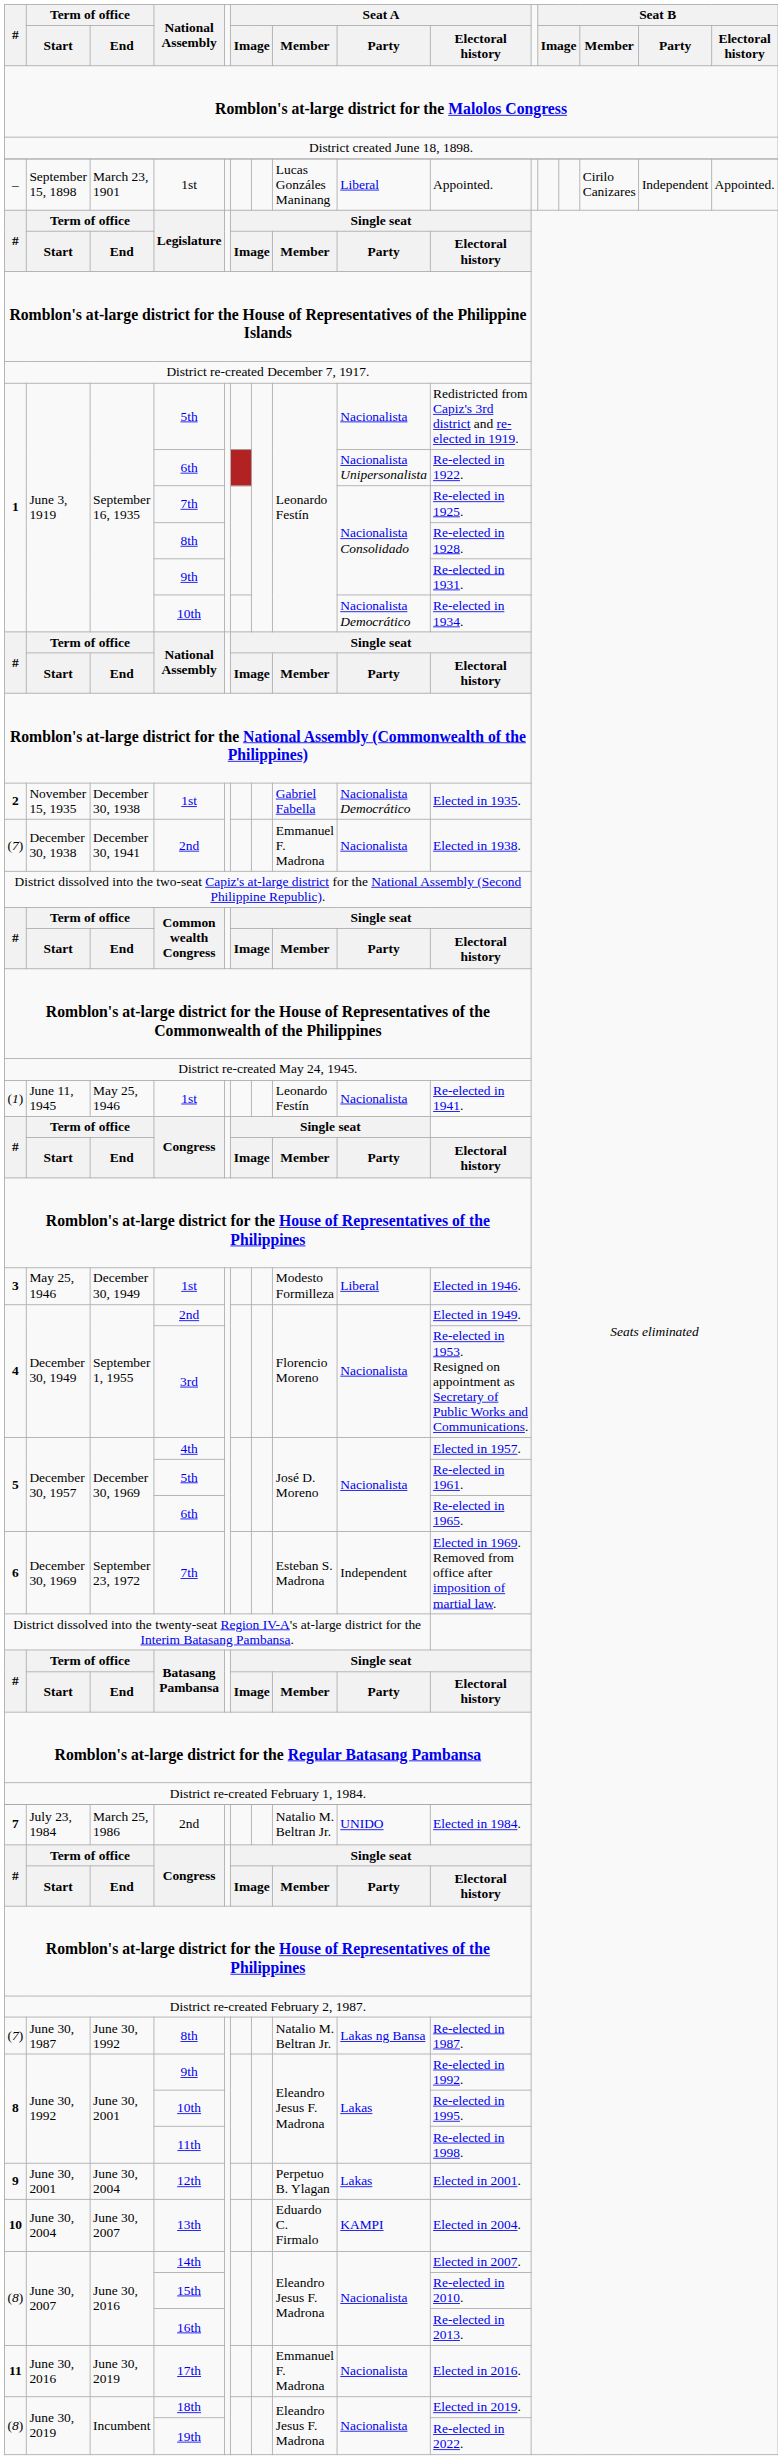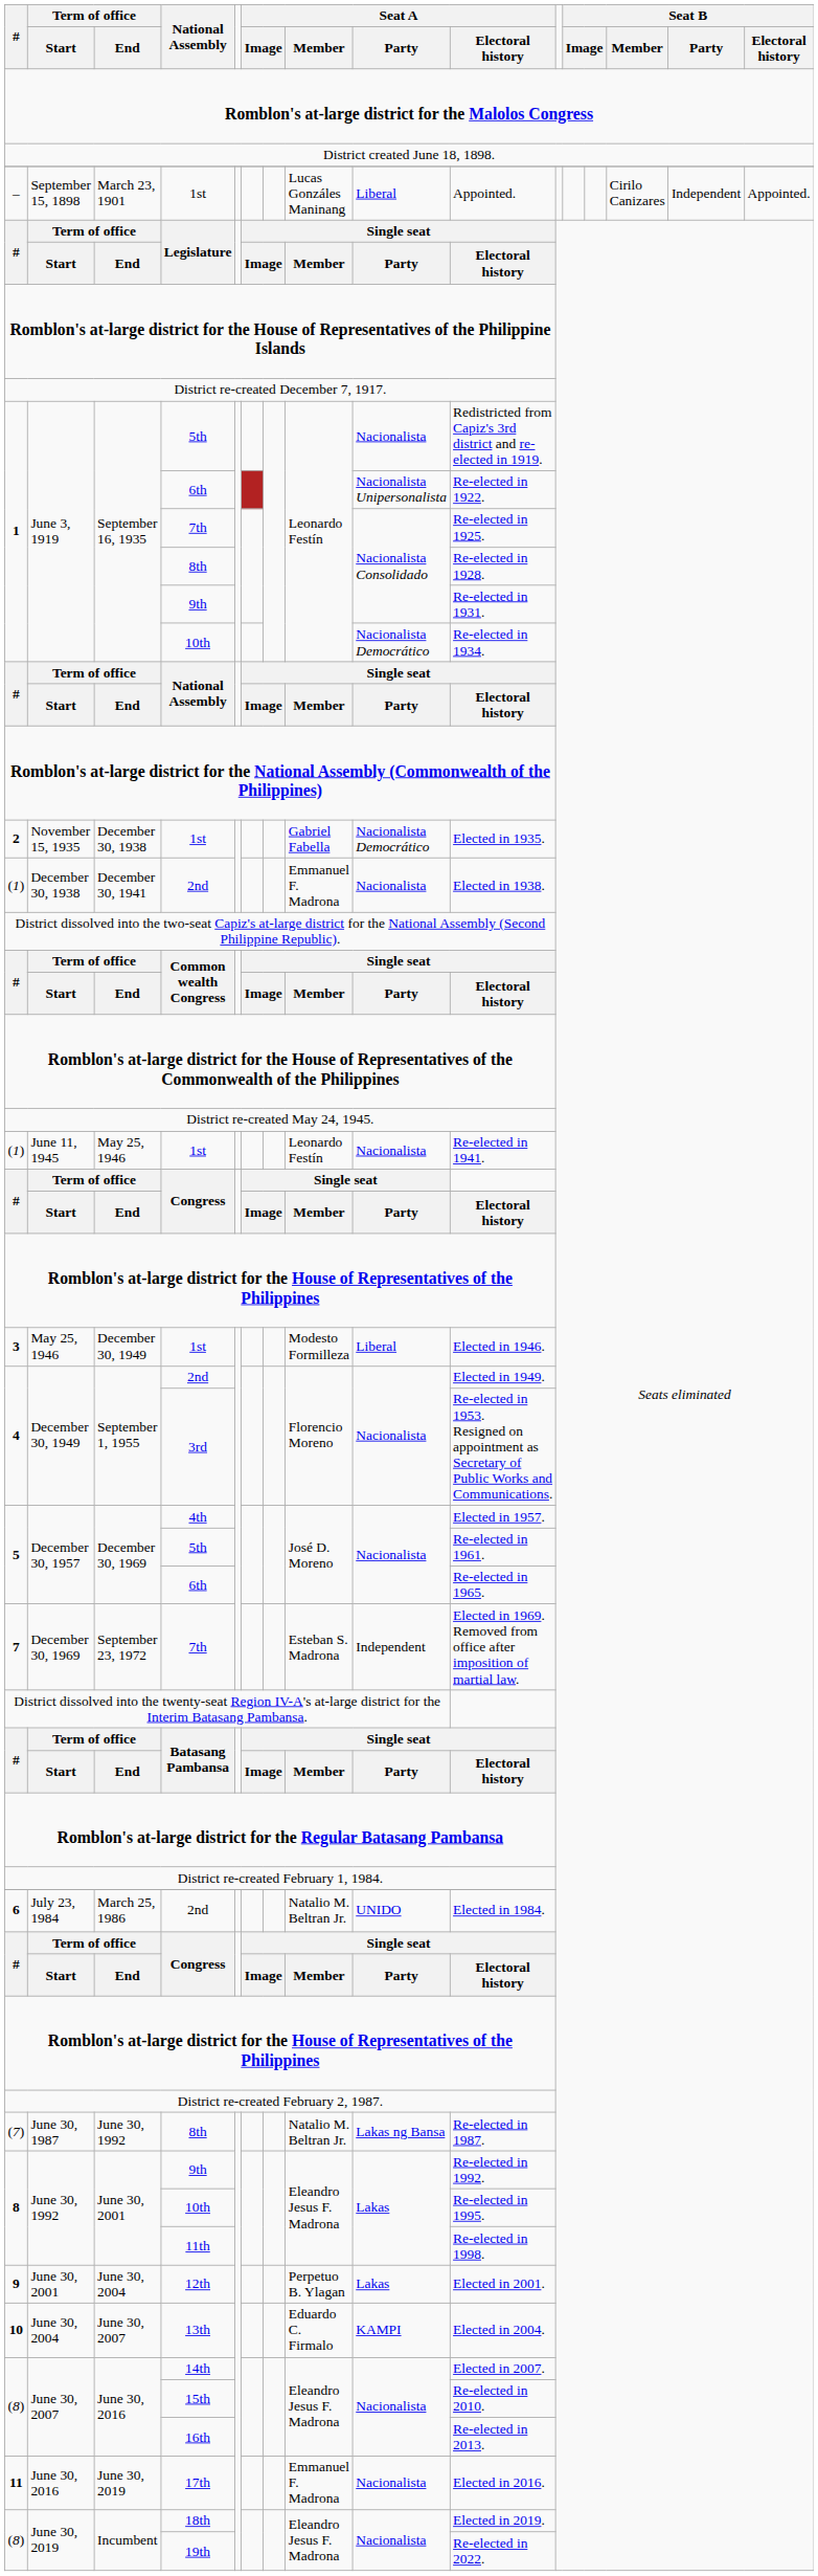 <table class=wikitable>
 <tr>
 <th rowspan=2>#</th>
 <th colspan=2>Term of office</th>
 <th rowspan=2>National<br>Assembly</th>
 <td rowspan=2></td>
 <th colspan=5>Seat A</th>
 <td rowspan=2></td>
 <th colspan=5>Seat B</th>
 </tr>
 <tr style="height:3em">
 <th>Start</th>
 <th>End</th>
 <th colspan="2" style="text-align:center;">Image</th>
 <th>Member</th>
 <th>Party</th>
 <th>Electoral history</th>
 <th colspan="2" style="text-align:center;">Image</th>
 <th>Member</th>
 <th>Party</th>
 <th>Electoral history</th>
 </tr>
 <tr>
 <td colspan="16" style="text-align:center;"><br><h3>Romblon's at-large district for the <a href='#'>Malolos Congress</a></h3></td>
 </tr>
 <tr>
 <td colspan="16" style="text-align:center;">District created June 18, 1898.</td>
 </tr>
 <tr>
 </tr>
 <tr style="height:3em">
 <td style="text-align:center;">–</td>
 <td>September 15, 1898</td>
 <td>March 23, 1901</td>
 <td style="text-align:center;">1st</td>
 <td></td>
 <td style="color:inherit;background:"></td>
 <td></td>
 <td>Lucas Gonzáles Maninang</td>
 <td><a href='#'>Liberal</a></td>
 <td>Appointed.</td>
 <td></td>
 <td style="color:inherit;background:"></td>
 <td></td>
 <td>Cirilo Canizares</td>
 <td>Independent</td>
 <td>Appointed.</td>
 </tr>
 <tr>
 <th rowspan=2>#</th>
 <th colspan=2>Term of office</th>
 <th rowspan=2>Legislature</th>
 <td rowspan=2></td>
 <th colspan=5>Single seat</th>
 <td rowspan=55 colspan=6 style="text-align:center;"><em>Seats eliminated</em></td>
 </tr>
 <tr style="height:3em">
 <th>Start</th>
 <th>End</th>
 <th colspan="2" style="text-align:center;">Image</th>
 <th>Member</th>
 <th>Party</th>
 <th>Electoral history</th>
 </tr>
 <tr>
 <td colspan="10" style="text-align:center;"><br><h3>Romblon's at-large district for the House of Representatives of the Philippine Islands</h3></td>
 </tr>
 <tr>
 <td colspan="10" style="text-align:center;">District re-created December 7, 1917.</td>
 </tr>
 <tr>
 <td rowspan="6" style="text-align:center;"><strong>1</strong></td>
 <td rowspan="6">June 3, 1919</td>
 <td rowspan="6">September 16, 1935</td>
 <td style="text-align:center;"><a href='#'>5th</a></td>
 <td rowspan=6></td>
 <td style="color:inherit;background:"></td>
 <td rowspan="6"></td>
 <td rowspan="6">Leonardo Festín</td>
 <td><a href='#'>Nacionalista</a></td>
 <td>Redistricted from <a href='#'>Capiz's 3rd district</a> and <a href='#'>re-elected in 1919</a>.</td>
 </tr>
 <tr>
 <td style="text-align:center;"><a href='#'>6th</a></td>
 <td style="background-color:#B22222"></td>
 <td><a href='#'>Nacionalista</a><br><em>Unipersonalista</em></td>
 <td><a href='#'>Re-elected in 1922</a>.</td>
 </tr>
 <tr>
 <td style="text-align:center;"><a href='#'>7th</a></td>
 <td rowspan="3" style="color:inherit;background:"></td>
 <td rowspan="3"><a href='#'>Nacionalista</a><br><em>Consolidado</em></td>
 <td><a href='#'>Re-elected in 1925</a>.</td>
 </tr>
 <tr>
 <td style="text-align:center;"><a href='#'>8th</a></td>
 <td><a href='#'>Re-elected in 1928</a>.</td>
 </tr>
 <tr>
 <td style="text-align:center;"><a href='#'>9th</a></td>
 <td><a href='#'>Re-elected in 1931</a>.</td>
 </tr>
 <tr>
 <td style="text-align:center;"><a href='#'>10th</a></td>
 <td style="color:inherit;background:"></td>
 <td><a href='#'>Nacionalista</a><br><em>Democrático</em></td>
 <td><a href='#'>Re-elected in 1934</a>.</td>
 </tr>
 <tr>
 <th rowspan=2>#</th>
 <th colspan=2>Term of office</th>
 <th rowspan=2>National<br>Assembly</th>
 <td rowspan=2></td>
 <th colspan=5>Single seat</th>
 </tr>
 <tr style="height:3em">
 <th>Start</th>
 <th>End</th>
 <th colspan="2" style="text-align:center;">Image</th>
 <th>Member</th>
 <th>Party</th>
 <th>Electoral history</th>
 </tr>
 <tr>
 <td colspan="10" style="text-align:center;"><br><h3>Romblon's at-large district for the <a href='#'>National Assembly (Commonwealth of the Philippines)</a></h3></td>
 </tr>
 <tr>
 <td style="text-align:center;"><strong>2</strong></td>
 <td>November 15, 1935</td>
 <td>December 30, 1938</td>
 <td style="text-align:center;"><a href='#'>1st</a></td>
 <td rowspan=2></td>
 <td style="color:inherit;background:"></td>
 <td></td>
 <td><a href='#'>Gabriel Fabella</a></td>
 <td><a href='#'>Nacionalista</a><br><em>Democrático</em></td>
 <td><a href='#'>Elected in 1935</a>.</td>
 </tr>
 <tr>
-<td style="text-align:center;">(<em>7</em>)</td>
+<td style="text-align:center;">(<em>1</em>)</td>
 <td>December 30, 1938</td>
 <td>December 30, 1941</td>
 <td style="text-align:center;"><a href='#'>2nd</a></td>
 <td style="color:inherit;background:"></td>
 <td></td>
 <td>Emmanuel F. Madrona</td>
 <td><a href='#'>Nacionalista</a></td>
 <td><a href='#'>Elected in 1938</a>.</td>
 </tr>
 <tr>
 <td colspan="10" style="text-align:center;">District dissolved into the two-seat <a href='#'>Capiz's at-large district</a> for the <a href='#'>National Assembly (Second Philippine Republic)</a>.</td>
 </tr>
 <tr>
 <th rowspan=2>#</th>
 <th colspan=2>Term of office</th>
 <th rowspan=2>Common<br>wealth<br>Congress</th>
 <td rowspan=2></td>
 <th colspan=5>Single seat</th>
 </tr>
 <tr style="height:3em">
 <th>Start</th>
 <th>End</th>
 <th colspan="2" style="text-align:center;">Image</th>
 <th>Member</th>
 <th>Party</th>
 <th>Electoral history</th>
 </tr>
 <tr>
 <td colspan="10" style="text-align:center;"><br><h3>Romblon's at-large district for the House of Representatives of the Commonwealth of the Philippines</h3></td>
 </tr>
 <tr>
 <td colspan="10" style="text-align:center;">District re-created May 24, 1945.</td>
 </tr>
 <tr>
 <td style="text-align:center;">(<em>1</em>)</td>
 <td>June 11, 1945</td>
 <td>May 25, 1946</td>
 <td style="text-align:center;"><a href='#'>1st</a></td>
 <td></td>
 <td style="color:inherit;background:"></td>
 <td></td>
 <td>Leonardo Festín</td>
 <td><a href='#'>Nacionalista</a></td>
 <td><a href='#'>Re-elected in 1941</a>.</td>
 </tr>
 <tr>
 <th rowspan=2>#</th>
 <th colspan=2>Term of office</th>
 <th rowspan=2>Congress</th>
 <td rowspan=2></td>
 <th colspan=4>Single seat</th>
 </tr>
 <tr style="height:3em">
 <th>Start</th>
 <th>End</th>
 <th colspan="2" style="text-align:center;">Image</th>
 <th>Member</th>
 <th>Party</th>
 <th>Electoral history</th>
 </tr>
 <tr>
 <td colspan="10" style="text-align:center;"><br><h3>Romblon's at-large district for the <a href='#'>House of Representatives of the Philippines</a></h3></td>
 </tr>
 <tr>
 <td style="text-align:center;"><strong>3</strong></td>
 <td>May 25, 1946</td>
 <td>December 30, 1949</td>
 <td style="text-align:center;"><a href='#'>1st</a></td>
 <td rowspan=7></td>
 <td style="color:inherit;background:"></td>
 <td></td>
 <td>Modesto Formilleza</td>
 <td><a href='#'>Liberal</a></td>
 <td><a href='#'>Elected in 1946</a>.</td>
 </tr>
 <tr>
 <td rowspan="2" style="text-align:center;"><strong>4</strong></td>
 <td rowspan="2">December 30, 1949</td>
 <td rowspan="2">September 1, 1955</td>
 <td style="text-align:center;"><a href='#'>2nd</a></td>
 <td rowspan="2" style="color:inherit;background:"></td>
 <td rowspan="2"></td>
 <td rowspan="2">Florencio Moreno</td>
 <td rowspan="2"><a href='#'>Nacionalista</a></td>
 <td><a href='#'>Elected in 1949</a>.</td>
 </tr>
 <tr>
 <td style="text-align:center;"><a href='#'>3rd</a></td>
 <td><a href='#'>Re-elected in 1953</a>.<br>Resigned on appointment as <a href='#'>Secretary of Public Works and Communications</a>.</td>
 </tr>
 <tr>
 <td rowspan="3" style="text-align:center;"><strong>5</strong></td>
 <td rowspan="3">December 30, 1957</td>
 <td rowspan="3">December 30, 1969</td>
 <td style="text-align:center;"><a href='#'>4th</a></td>
 <td rowspan="3" style="color:inherit;background:"></td>
 <td rowspan="3"></td>
 <td rowspan="3">José D. Moreno</td>
 <td rowspan="3"><a href='#'>Nacionalista</a></td>
 <td><a href='#'>Elected in 1957</a>.</td>
 </tr>
 <tr>
 <td style="text-align:center;"><a href='#'>5th</a></td>
 <td><a href='#'>Re-elected in 1961</a>.</td>
 </tr>
 <tr>
 <td style="text-align:center;"><a href='#'>6th</a></td>
 <td><a href='#'>Re-elected in 1965</a>.</td>
 </tr>
 <tr>
-<td style="text-align:center;"><strong>6</strong></td>
+<td style="text-align:center;"><strong>7</strong></td>
 <td>December 30, 1969</td>
 <td>September 23, 1972</td>
 <td style="text-align:center;"><a href='#'>7th</a></td>
 <td style="color:inherit;background:"></td>
 <td></td>
 <td>Esteban S. Madrona</td>
 <td>Independent</td>
 <td><a href='#'>Elected in 1969</a>.<br>Removed from office after <a href='#'>imposition of martial law</a>.</td>
 </tr>
 <tr>
 <td colspan="9" style="text-align:center;">District dissolved into the twenty-seat <a href='#'>Region IV-A</a>'s at-large district for the <a href='#'>Interim Batasang Pambansa</a>.</td>
 </tr>
 <tr>
 <th rowspan=2>#</th>
 <th colspan=2>Term of office</th>
 <th rowspan=2>Batasang<br>Pambansa</th>
 <td rowspan=2></td>
 <th colspan=5>Single seat</th>
 </tr>
 <tr style="height:3em">
 <th>Start</th>
 <th>End</th>
 <th colspan="2" style="text-align:center;">Image</th>
 <th>Member</th>
 <th>Party</th>
 <th>Electoral history</th>
 </tr>
 <tr>
 <td colspan="10" style="text-align:center;"><br><h3>Romblon's at-large district for the <a href='#'>Regular Batasang Pambansa</a></h3></td>
 </tr>
 <tr>
 <td colspan="10" style="text-align:center;">District re-created February 1, 1984.</td>
 </tr>
 <tr>
 </tr>
 <tr style="height:3em">
-<td style="text-align:center;"><strong>7</strong></td>
+<td style="text-align:center;"><strong>6</strong></td>
 <td>July 23, 1984</td>
 <td>March 25, 1986</td>
 <td style="text-align:center;">2nd</td>
 <td></td>
 <td style="color:inherit;background:"></td>
 <td></td>
 <td>Natalio M. Beltran Jr.</td>
 <td><a href='#'>UNIDO</a></td>
 <td><a href='#'>Elected in 1984</a>.</td>
 </tr>
 <tr>
 <th rowspan=2>#</th>
 <th colspan=2>Term of office</th>
 <th rowspan=2>Congress</th>
 <td rowspan=2></td>
 <th colspan=5>Single seat</th>
 </tr>
 <tr style="height:3em">
 <th>Start</th>
 <th>End</th>
 <th colspan="2" style="text-align:center;">Image</th>
 <th>Member</th>
 <th>Party</th>
 <th>Electoral history</th>
 </tr>
 <tr>
 <td colspan="10" style="text-align:center;"><br><h3>Romblon's at-large district for the <a href='#'>House of Representatives of the Philippines</a></h3></td>
 </tr>
 <tr>
 <td colspan="10" style="text-align:center;">District re-created February 2, 1987.</td>
 </tr>
 <tr>
 <td style="text-align:center;">(<em>7</em>)</td>
 <td>June 30, 1987</td>
 <td>June 30, 1992</td>
 <td style="text-align:center;"><a href='#'>8th</a></td>
 <td rowspan="12"></td>
 <td style="color:inherit;background:"></td>
 <td></td>
 <td>Natalio M. Beltran Jr.</td>
 <td><a href='#'>Lakas ng Bansa</a></td>
 <td><a href='#'>Re-elected in 1987</a>.</td>
 </tr>
 <tr>
 <td rowspan="3" style="text-align:center;"><strong>8</strong></td>
 <td rowspan="3">June 30, 1992</td>
 <td rowspan="3">June 30, 2001</td>
 <td style="text-align:center;"><a href='#'>9th</a></td>
 <td rowspan="3" style="color:inherit;background:"></td>
 <td rowspan="3"></td>
 <td rowspan="3">Eleandro Jesus F. Madrona</td>
 <td rowspan="3"><a href='#'>Lakas</a></td>
 <td><a href='#'>Re-elected in 1992</a>.</td>
 </tr>
 <tr>
 <td style="text-align:center;"><a href='#'>10th</a></td>
 <td><a href='#'>Re-elected in 1995</a>.</td>
 </tr>
 <tr>
 <td style="text-align:center;"><a href='#'>11th</a></td>
 <td><a href='#'>Re-elected in 1998</a>.</td>
 </tr>
 <tr>
 <td style="text-align:center;"><strong>9</strong></td>
 <td>June 30, 2001</td>
 <td>June 30, 2004</td>
 <td style="text-align:center;"><a href='#'>12th</a></td>
 <td style="color:inherit;background:"></td>
 <td></td>
 <td>Perpetuo B. Ylagan</td>
 <td><a href='#'>Lakas</a></td>
 <td><a href='#'>Elected in 2001</a>.</td>
 </tr>
 <tr>
 <td style="text-align:center;"><strong>10</strong></td>
 <td>June 30, 2004</td>
 <td>June 30, 2007</td>
 <td style="text-align:center;"><a href='#'>13th</a></td>
 <td style="color:inherit;background:"></td>
 <td></td>
 <td>Eduardo C. Firmalo</td>
 <td><a href='#'>KAMPI</a></td>
 <td><a href='#'>Elected in 2004</a>.</td>
 </tr>
 <tr>
 <td rowspan="3" style="text-align:center;">(<em>8</em>)</td>
 <td rowspan="3">June 30, 2007</td>
 <td rowspan="3">June 30, 2016</td>
 <td style="text-align:center;"><a href='#'>14th</a></td>
 <td rowspan="3" style="color:inherit;background:"></td>
 <td rowspan="3"></td>
 <td rowspan="3">Eleandro Jesus F. Madrona</td>
 <td rowspan="3"><a href='#'>Nacionalista</a></td>
 <td><a href='#'>Elected in 2007</a>.</td>
 </tr>
 <tr>
 <td style="text-align:center;"><a href='#'>15th</a></td>
 <td><a href='#'>Re-elected in 2010</a>.</td>
 </tr>
 <tr>
 <td style="text-align:center;"><a href='#'>16th</a></td>
 <td><a href='#'>Re-elected in 2013</a>.</td>
 </tr>
 <tr>
 <td style="text-align:center;"><strong>11</strong></td>
 <td>June 30, 2016</td>
 <td>June 30, 2019</td>
 <td style="text-align:center;"><a href='#'>17th</a></td>
 <td style="color:inherit;background:"></td>
 <td></td>
 <td>Emmanuel F. Madrona</td>
 <td><a href='#'>Nacionalista</a></td>
 <td><a href='#'>Elected in 2016</a>.</td>
 </tr>
 <tr>
 <td rowspan="2" style="text-align:center;">(<em>8</em>)</td>
 <td rowspan="2">June 30, 2019</td>
 <td rowspan="2">Incumbent</td>
 <td style="text-align:center;"><a href='#'>18th</a></td>
 <td rowspan="2" style="color:inherit;background:"></td>
 <td rowspan="2"></td>
 <td rowspan="2">Eleandro Jesus F. Madrona</td>
 <td rowspan="2"><a href='#'>Nacionalista</a></td>
 <td><a href='#'>Elected in 2019</a>.</td>
 </tr>
 <tr>
 <td style="text-align:center;"><a href='#'>19th</a></td>
 <td><a href='#'>Re-elected in 2022</a>.</td>
 </tr>
 </table>
